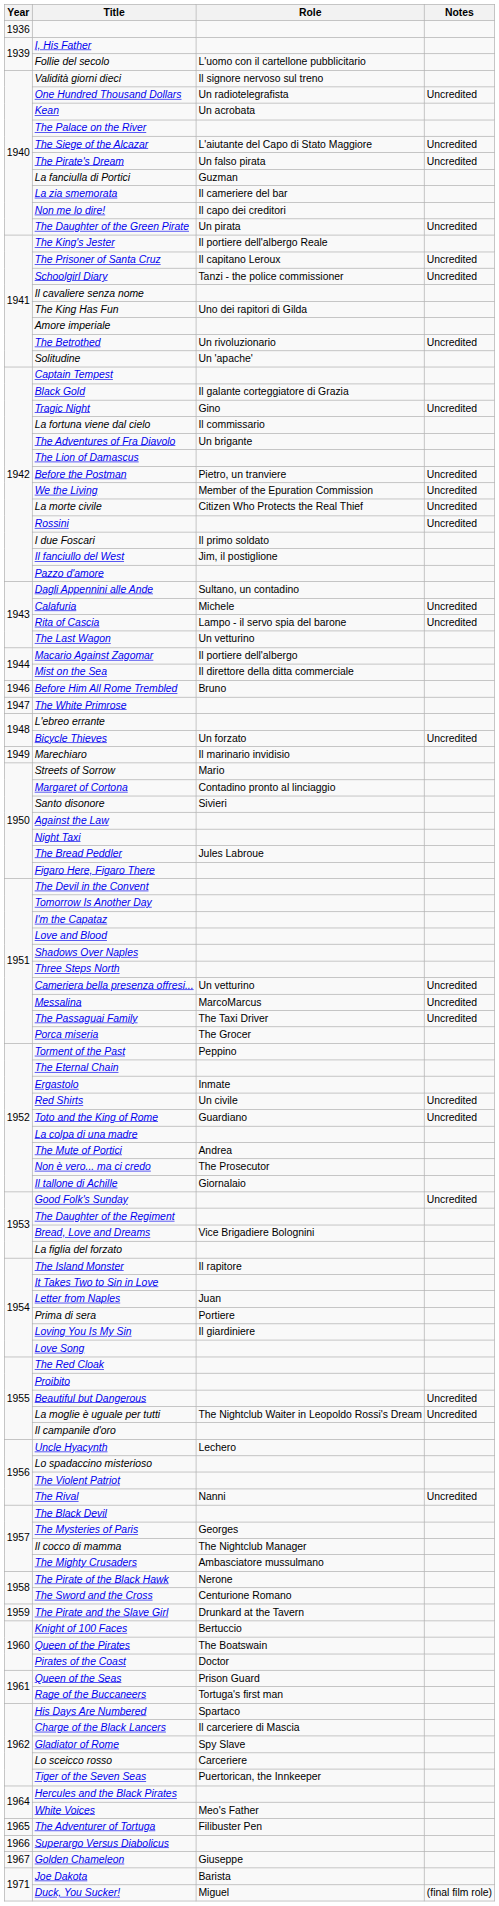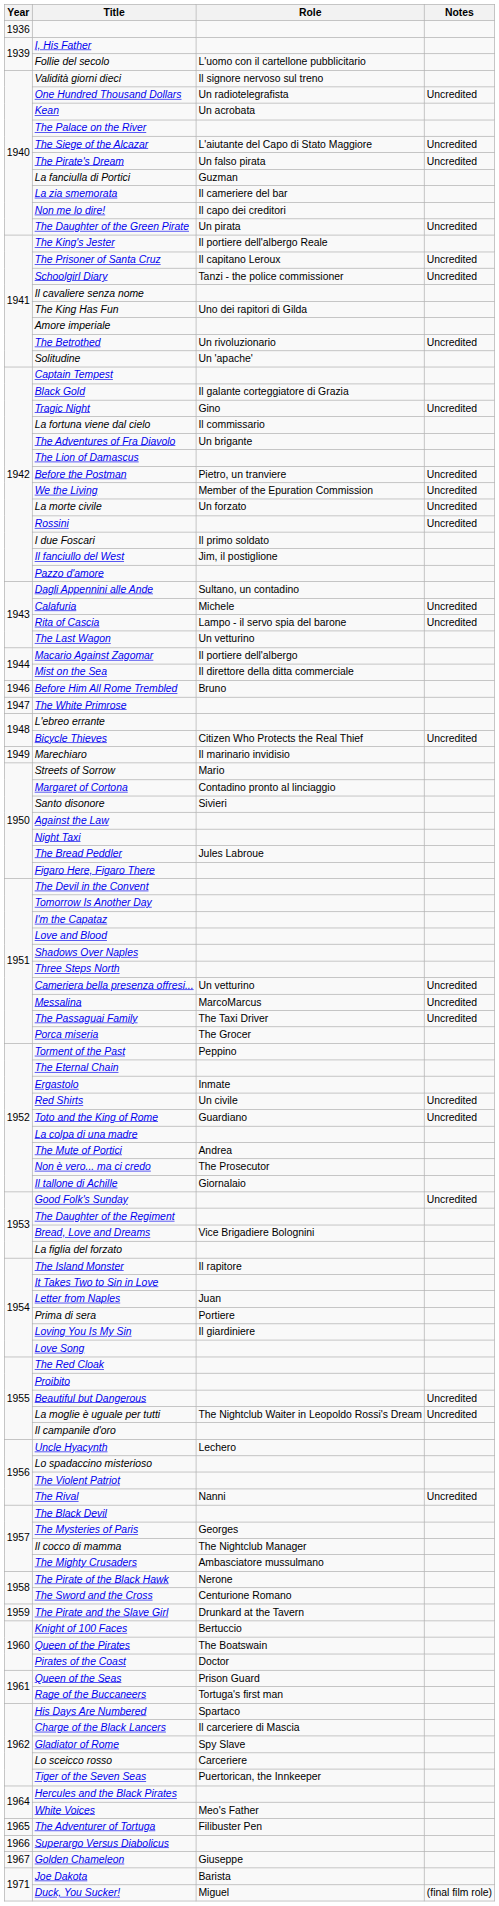 <table class="wikitable sortable">
 <tr>
 <th>Year</th>
 <th>Title</th>
 <th>Role</th>
 <th class="unsortable">Notes</th>
 </tr>
 <tr>
 <td>1936</td>
 <td><em></em></td>
 <td></td>
 <td></td>
 </tr>
 <tr>
 <td rowspan=2>1939</td>
 <td><em><a href='#'>I, His Father</a></em></td>
 <td></td>
 <td></td>
 </tr>
 <tr>
 <td><em>Follie del secolo</em></td>
 <td>L'uomo con il cartellone pubblicitario</td>
 <td></td>
 </tr>
 <tr>
 <td rowspan=10>1940</td>
 <td><em>Validità giorni dieci</em></td>
 <td>Il signore nervoso sul treno</td>
 <td></td>
 </tr>
 <tr>
 <td><em><a href='#'>One Hundred Thousand Dollars</a></em></td>
 <td>Un radiotelegrafista</td>
 <td>Uncredited</td>
 </tr>
 <tr>
 <td><em><a href='#'>Kean</a></em></td>
 <td>Un acrobata</td>
 <td></td>
 </tr>
 <tr>
 <td><em><a href='#'>The Palace on the River</a></em></td>
 <td></td>
 <td></td>
 </tr>
 <tr>
 <td><em><a href='#'>The Siege of the Alcazar</a></em></td>
 <td>L'aiutante del Capo di Stato Maggiore</td>
 <td>Uncredited</td>
 </tr>
 <tr>
 <td><em><a href='#'>The Pirate's Dream</a></em></td>
 <td>Un falso pirata</td>
 <td>Uncredited</td>
 </tr>
 <tr>
 <td><em>La fanciulla di Portici</em></td>
 <td>Guzman</td>
 <td></td>
 </tr>
 <tr>
 <td><em><a href='#'>La zia smemorata</a></em></td>
 <td>Il cameriere del bar</td>
 <td></td>
 </tr>
 <tr>
 <td><em><a href='#'>Non me lo dire!</a></em></td>
 <td>Il capo dei creditori</td>
 <td></td>
 </tr>
 <tr>
 <td><em><a href='#'>The Daughter of the Green Pirate</a></em></td>
 <td>Un pirata</td>
 <td>Uncredited</td>
 </tr>
 <tr>
 <td rowspan=8>1941</td>
 <td><em><a href='#'>The King's Jester</a></em></td>
 <td>Il portiere dell'albergo Reale</td>
 <td></td>
 </tr>
 <tr>
 <td><em><a href='#'>The Prisoner of Santa Cruz</a></em></td>
 <td>Il capitano Leroux</td>
 <td>Uncredited</td>
 </tr>
 <tr>
 <td><em><a href='#'>Schoolgirl Diary</a></em></td>
 <td>Tanzi - the police commissioner</td>
 <td>Uncredited</td>
 </tr>
 <tr>
 <td><em>Il cavaliere senza nome</em></td>
 <td></td>
 <td></td>
 </tr>
 <tr>
 <td><em>The King Has Fun</em></td>
 <td>Uno dei rapitori di Gilda</td>
 <td></td>
 </tr>
 <tr>
 <td><em>Amore imperiale</em></td>
 <td></td>
 <td></td>
 </tr>
 <tr>
 <td><em><a href='#'>The Betrothed</a></em></td>
 <td>Un rivoluzionario</td>
 <td>Uncredited</td>
 </tr>
 <tr>
 <td><em>Solitudine</em></td>
 <td>Un 'apache'</td>
 <td></td>
 </tr>
 <tr>
 <td rowspan=13>1942</td>
 <td><em><a href='#'>Captain Tempest</a></em></td>
 <td></td>
 <td></td>
 </tr>
 <tr>
 <td><em><a href='#'>Black Gold</a></em></td>
 <td>Il galante corteggiatore di Grazia</td>
 <td></td>
 </tr>
 <tr>
 <td><em><a href='#'>Tragic Night</a></em></td>
 <td>Gino</td>
 <td>Uncredited</td>
 </tr>
 <tr>
 <td><em>La fortuna viene dal cielo</em></td>
 <td>Il commissario</td>
 <td></td>
 </tr>
 <tr>
 <td><em><a href='#'>The Adventures of Fra Diavolo</a></em></td>
 <td>Un brigante</td>
 <td></td>
 </tr>
 <tr>
 <td><em><a href='#'>The Lion of Damascus</a></em></td>
 <td></td>
 <td></td>
 </tr>
 <tr>
 <td><em><a href='#'>Before the Postman</a></em></td>
 <td>Pietro, un tranviere</td>
 <td>Uncredited</td>
 </tr>
 <tr>
 <td><em><a href='#'>We the Living</a></em></td>
 <td>Member of the Epuration Commission</td>
 <td>Uncredited</td>
 </tr>
 <tr>
 <td><em>La morte civile</em></td>
-<td>Citizen Who Protects the Real Thief</td>
+<td>Un forzato</td>
 <td>Uncredited</td>
 </tr>
 <tr>
 <td><em><a href='#'>Rossini</a></em></td>
 <td></td>
 <td>Uncredited</td>
 </tr>
 <tr>
 <td><em>I due Foscari</em></td>
 <td>Il primo soldato</td>
 <td></td>
 </tr>
 <tr>
 <td><em><a href='#'>Il fanciullo del West</a></em></td>
 <td>Jim, il postiglione</td>
 <td></td>
 </tr>
 <tr>
 <td><em><a href='#'>Pazzo d'amore</a></em></td>
 <td></td>
 <td></td>
 </tr>
 <tr>
 <td rowspan=4>1943</td>
 <td><em><a href='#'>Dagli Appennini alle Ande</a></em></td>
 <td>Sultano, un contadino</td>
 <td></td>
 </tr>
 <tr>
 <td><em><a href='#'>Calafuria</a></em></td>
 <td>Michele</td>
 <td>Uncredited</td>
 </tr>
 <tr>
 <td><em><a href='#'>Rita of Cascia</a></em></td>
 <td>Lampo - il servo spia del barone</td>
 <td>Uncredited</td>
 </tr>
 <tr>
 <td><em><a href='#'>The Last Wagon</a></em></td>
 <td>Un vetturino</td>
 <td></td>
 </tr>
 <tr>
 <td rowspan=2>1944</td>
 <td><em><a href='#'>Macario Against Zagomar</a></em></td>
 <td>Il portiere dell'albergo</td>
 <td></td>
 </tr>
 <tr>
 <td><em><a href='#'>Mist on the Sea</a></em></td>
 <td>Il direttore della ditta commerciale</td>
 <td></td>
 </tr>
 <tr>
 <td>1946</td>
 <td><em><a href='#'>Before Him All Rome Trembled</a></em></td>
 <td>Bruno</td>
 <td></td>
 </tr>
 <tr>
 <td>1947</td>
 <td><em><a href='#'>The White Primrose</a></em></td>
 <td></td>
 <td></td>
 </tr>
 <tr>
 <td rowspan=2>1948</td>
 <td><em>L'ebreo errante</em></td>
 <td></td>
 <td></td>
 </tr>
 <tr>
 <td><em><a href='#'>Bicycle Thieves</a></em></td>
-<td>Un forzato</td>
+<td>Citizen Who Protects the Real Thief</td>
 <td>Uncredited</td>
 </tr>
 <tr>
 <td>1949</td>
 <td><em>Marechiaro</em></td>
 <td>Il marinario invidisio</td>
 <td></td>
 </tr>
 <tr>
 <td rowspan=7>1950</td>
 <td><em>Streets of Sorrow</em></td>
 <td>Mario</td>
 <td></td>
 </tr>
 <tr>
 <td><em><a href='#'>Margaret of Cortona</a></em></td>
 <td>Contadino pronto al linciaggio</td>
 <td></td>
 </tr>
 <tr>
 <td><em>Santo disonore</em></td>
 <td>Sivieri</td>
 <td></td>
 </tr>
 <tr>
 <td><em><a href='#'>Against the Law</a></em></td>
 <td></td>
 <td></td>
 </tr>
 <tr>
 <td><em><a href='#'>Night Taxi</a></em></td>
 <td></td>
 <td></td>
 </tr>
 <tr>
 <td><em><a href='#'>The Bread Peddler</a></em></td>
 <td>Jules Labroue</td>
 <td></td>
 </tr>
 <tr>
 <td><em><a href='#'>Figaro Here, Figaro There</a></em></td>
 <td></td>
 <td></td>
 </tr>
 <tr>
 <td rowspan=10>1951</td>
 <td><em><a href='#'>The Devil in the Convent</a></em></td>
 <td></td>
 <td></td>
 </tr>
 <tr>
 <td><em><a href='#'>Tomorrow Is Another Day</a></em></td>
 <td></td>
 <td></td>
 </tr>
 <tr>
 <td><em><a href='#'>I'm the Capataz</a></em></td>
 <td></td>
 <td></td>
 </tr>
 <tr>
 <td><em><a href='#'>Love and Blood</a></em></td>
 <td></td>
 <td></td>
 </tr>
 <tr>
 <td><em><a href='#'>Shadows Over Naples</a></em></td>
 <td></td>
 <td></td>
 </tr>
 <tr>
 <td><em><a href='#'>Three Steps North</a></em></td>
 <td></td>
 <td></td>
 </tr>
 <tr>
 <td><em><a href='#'>Cameriera bella presenza offresi...</a></em></td>
 <td>Un vetturino</td>
 <td>Uncredited</td>
 </tr>
 <tr>
 <td><em><a href='#'>Messalina</a></em></td>
 <td>MarcoMarcus</td>
 <td>Uncredited</td>
 </tr>
 <tr>
 <td><em><a href='#'>The Passaguai Family</a></em></td>
 <td>The Taxi Driver</td>
 <td>Uncredited</td>
 </tr>
 <tr>
 <td><em><a href='#'>Porca miseria</a></em></td>
 <td>The Grocer</td>
 <td></td>
 </tr>
 <tr>
 <td rowspan=9>1952</td>
 <td><em><a href='#'>Torment of the Past</a></em></td>
 <td>Peppino</td>
 <td></td>
 </tr>
 <tr>
 <td><em><a href='#'>The Eternal Chain</a></em></td>
 <td></td>
 <td></td>
 </tr>
 <tr>
 <td><em><a href='#'>Ergastolo</a></em></td>
 <td>Inmate</td>
 <td></td>
 </tr>
 <tr>
 <td><em><a href='#'>Red Shirts</a></em></td>
 <td>Un civile</td>
 <td>Uncredited</td>
 </tr>
 <tr>
 <td><em><a href='#'>Toto and the King of Rome</a></em></td>
 <td>Guardiano</td>
 <td>Uncredited</td>
 </tr>
 <tr>
 <td><em><a href='#'>La colpa di una madre</a></em></td>
 <td></td>
 <td></td>
 </tr>
 <tr>
 <td><em><a href='#'>The Mute of Portici</a></em></td>
 <td>Andrea</td>
 <td></td>
 </tr>
 <tr>
 <td><em><a href='#'>Non è vero... ma ci credo</a></em></td>
 <td>The Prosecutor</td>
 <td></td>
 </tr>
 <tr>
 <td><em><a href='#'>Il tallone di Achille</a></em></td>
 <td>Giornalaio</td>
 <td></td>
 </tr>
 <tr>
 <td rowspan=4>1953</td>
 <td><em><a href='#'>Good Folk's Sunday</a></em></td>
 <td></td>
 <td>Uncredited</td>
 </tr>
 <tr>
 <td><em><a href='#'>The Daughter of the Regiment</a></em></td>
 <td></td>
 <td></td>
 </tr>
 <tr>
 <td><em><a href='#'>Bread, Love and Dreams</a></em></td>
 <td>Vice Brigadiere Bolognini</td>
 <td></td>
 </tr>
 <tr>
 <td><em>La figlia del forzato</em></td>
 <td></td>
 <td></td>
 </tr>
 <tr>
 <td rowspan=6>1954</td>
 <td><em><a href='#'>The Island Monster</a></em></td>
 <td>Il rapitore</td>
 <td></td>
 </tr>
 <tr>
 <td><em><a href='#'>It Takes Two to Sin in Love</a></em></td>
 <td></td>
 <td></td>
 </tr>
 <tr>
 <td><em><a href='#'>Letter from Naples</a></em></td>
 <td>Juan</td>
 <td></td>
 </tr>
 <tr>
 <td><em>Prima di sera</em></td>
 <td>Portiere</td>
 <td></td>
 </tr>
 <tr>
 <td><em><a href='#'>Loving You Is My Sin</a></em></td>
 <td>Il giardiniere</td>
 <td></td>
 </tr>
 <tr>
 <td><em><a href='#'>Love Song</a></em></td>
 <td></td>
 <td></td>
 </tr>
 <tr>
 <td rowspan=5>1955</td>
 <td><em><a href='#'>The Red Cloak</a></em></td>
 <td></td>
 <td></td>
 </tr>
 <tr>
 <td><em><a href='#'>Proibito</a></em></td>
 <td></td>
 <td></td>
 </tr>
 <tr>
 <td><em><a href='#'>Beautiful but Dangerous</a></em></td>
 <td></td>
 <td>Uncredited</td>
 </tr>
 <tr>
 <td><em>La moglie è uguale per tutti</em></td>
 <td>The Nightclub Waiter in Leopoldo Rossi's Dream</td>
 <td>Uncredited</td>
 </tr>
 <tr>
 <td><em>Il campanile d'oro</em></td>
 <td></td>
 <td></td>
 </tr>
 <tr>
 <td rowspan=4>1956</td>
 <td><em><a href='#'>Uncle Hyacynth</a></em></td>
 <td>Lechero</td>
 <td></td>
 </tr>
 <tr>
 <td><em>Lo spadaccino misterioso</em></td>
 <td></td>
 <td></td>
 </tr>
 <tr>
 <td><em><a href='#'>The Violent Patriot</a></em></td>
 <td></td>
 <td></td>
 </tr>
 <tr>
 <td><em><a href='#'>The Rival</a></em></td>
 <td>Nanni</td>
 <td>Uncredited</td>
 </tr>
 <tr>
 <td rowspan=4>1957</td>
 <td><em><a href='#'>The Black Devil</a></em></td>
 <td></td>
 <td></td>
 </tr>
 <tr>
 <td><em><a href='#'>The Mysteries of Paris</a></em></td>
 <td>Georges</td>
 <td></td>
 </tr>
 <tr>
 <td><em>Il cocco di mamma</em></td>
 <td>The Nightclub Manager</td>
 <td></td>
 </tr>
 <tr>
 <td><em><a href='#'>The Mighty Crusaders</a></em></td>
 <td>Ambasciatore mussulmano</td>
 <td></td>
 </tr>
 <tr>
 <td rowspan=2>1958</td>
 <td><em><a href='#'>The Pirate of the Black Hawk</a></em></td>
 <td>Nerone</td>
 <td></td>
 </tr>
 <tr>
 <td><em><a href='#'>The Sword and the Cross</a></em></td>
 <td>Centurione Romano</td>
 <td></td>
 </tr>
 <tr>
 <td>1959</td>
 <td><em><a href='#'>The Pirate and the Slave Girl</a></em></td>
 <td>Drunkard at the Tavern</td>
 <td></td>
 </tr>
 <tr>
 <td rowspan=3>1960</td>
 <td><em><a href='#'>Knight of 100 Faces</a></em></td>
 <td>Bertuccio</td>
 <td></td>
 </tr>
 <tr>
 <td><em><a href='#'>Queen of the Pirates</a></em></td>
 <td>The Boatswain</td>
 <td></td>
 </tr>
 <tr>
 <td><em><a href='#'>Pirates of the Coast</a></em></td>
 <td>Doctor</td>
 <td></td>
 </tr>
 <tr>
 <td rowspan=2>1961</td>
 <td><em><a href='#'>Queen of the Seas</a></em></td>
 <td>Prison Guard</td>
 <td></td>
 </tr>
 <tr>
 <td><em><a href='#'>Rage of the Buccaneers</a></em></td>
 <td>Tortuga's first man</td>
 <td></td>
 </tr>
 <tr>
 <td rowspan=5>1962</td>
 <td><em><a href='#'>His Days Are Numbered</a></em></td>
 <td>Spartaco</td>
 <td></td>
 </tr>
 <tr>
 <td><em><a href='#'>Charge of the Black Lancers</a></em></td>
 <td>Il carceriere di Mascia</td>
 <td></td>
 </tr>
 <tr>
 <td><em><a href='#'>Gladiator of Rome</a></em></td>
 <td>Spy Slave</td>
 <td></td>
 </tr>
 <tr>
 <td><em>Lo sceicco rosso</em></td>
 <td>Carceriere</td>
 <td></td>
 </tr>
 <tr>
 <td><em><a href='#'>Tiger of the Seven Seas</a></em></td>
 <td>Puertorican, the Innkeeper</td>
 <td></td>
 </tr>
 <tr>
 <td rowspan=2>1964</td>
 <td><em><a href='#'>Hercules and the Black Pirates</a></em></td>
 <td></td>
 <td></td>
 </tr>
 <tr>
 <td><em><a href='#'>White Voices</a></em></td>
 <td>Meo's Father</td>
 <td></td>
 </tr>
 <tr>
 <td>1965</td>
 <td><em><a href='#'>The Adventurer of Tortuga</a></em></td>
 <td>Filibuster Pen</td>
 <td></td>
 </tr>
 <tr>
 <td>1966</td>
 <td><em><a href='#'>Superargo Versus Diabolicus</a></em></td>
 <td></td>
 <td></td>
 </tr>
 <tr>
 <td>1967</td>
 <td><em><a href='#'>Golden Chameleon</a></em></td>
 <td>Giuseppe</td>
 <td></td>
 </tr>
 <tr>
 <td rowspan=2>1971</td>
 <td><em><a href='#'>Joe Dakota</a></em></td>
 <td>Barista</td>
 <td></td>
 </tr>
 <tr>
 <td><em><a href='#'>Duck, You Sucker!</a></em></td>
 <td>Miguel</td>
 <td>(final film role)</td>
 </tr>
 </table>
